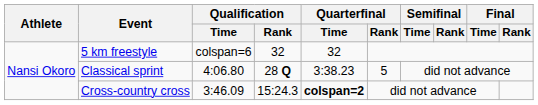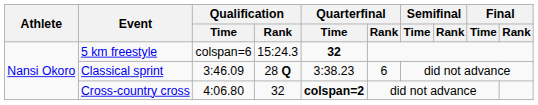 <table class="wikitable" style="font-size:90%">
 <tr>
 <th rowspan="2">Athlete</th>
 <th rowspan="2">Event</th>
 <th colspan="2">Qualification</th>
 <th colspan="2">Quarterfinal</th>
 <th colspan="2">Semifinal</th>
 <th colspan="2">Final</th>
 </tr>
 <tr style="font-size:95%">
 <th>Time</th>
 <th>Rank</th>
 <th>Time</th>
 <th>Rank</th>
 <th>Time</th>
 <th>Rank</th>
 <th>Time</th>
 <th>Rank</th>
 </tr>
 <tr align=center>
 <td align=left rowspan=3><a href='#'>Nansi Okoro</a></td>
 <td align=left><a href='#'>5 km freestyle</a></td>
 <td>colspan=6 </td>
-<td>32</td>
-<td>32</td>
+<td>15:24.3</td>
+<td><strong>32</strong></td>
 </tr>
 <tr align=center>
 <td align=left><a href='#'>Classical sprint</a></td>
-<td>4:06.80</td>
+<td>3:46.09</td>
 <td>28 <strong>Q</strong></td>
 <td>3:38.23</td>
-<td>5</td>
+<td>6</td>
 <td colspan=4>did not advance</td>
 </tr>
 <tr align=center>
 <td align=left><a href='#'>Cross-country cross</a></td>
-<td>3:46.09</td>
-<td>15:24.3</td>
+<td>4:06.80</td>
+<td>32</td>
 <td><strong>colspan=2 </strong></td>
 <td colspan=4>did not advance</td>
 </tr>
 </table>
